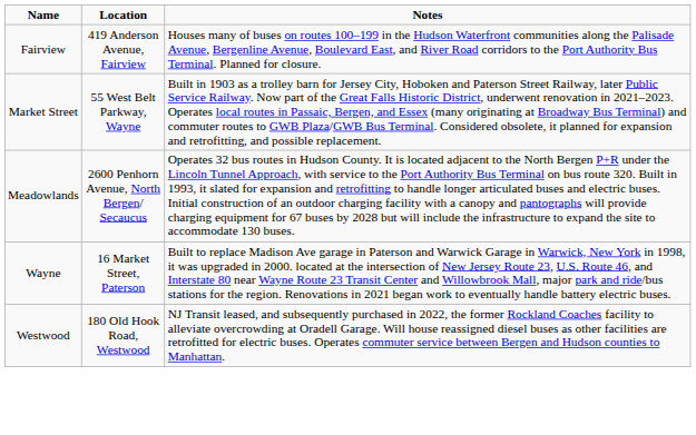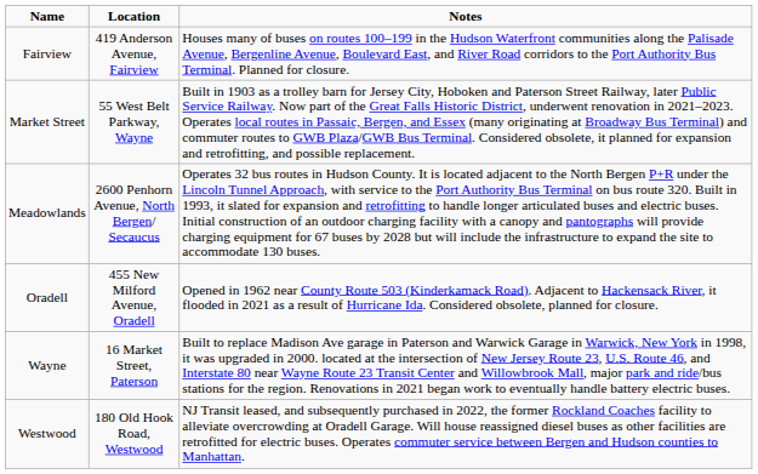 <table class="wikitable">
 <tr align="center">
 <td><strong>Name</strong></td>
 <td><strong>Location</strong></td>
 <td><strong>Notes</strong></td>
 </tr>
 <tr align="center">
 <td>Fairview</td>
 <td>419 Anderson Avenue, <a href='#'>Fairview</a><br></td>
 <td align=left>Houses many of buses <a href='#'>on routes 100–199</a> in the <a href='#'>Hudson Waterfront</a> communities along the <a href='#'>Palisade Avenue</a>, <a href='#'>Bergenline Avenue</a>, <a href='#'>Boulevard East</a>, and <a href='#'>River Road</a> corridors to the <a href='#'>Port Authority Bus Terminal</a>. Planned for closure.</td>
 </tr>
 <tr align="center">
 <td>Market Street</td>
 <td>55 West Belt Parkway, <a href='#'>Wayne</a><br></td>
 <td align=left>Built in 1903 as a trolley barn for Jersey City, Hoboken and Paterson Street Railway, later <a href='#'>Public Service Railway</a>. Now part of the <a href='#'>Great Falls Historic District</a>, underwent renovation in 2021–2023. Operates <a href='#'>local routes in Passaic, Bergen, and Essex</a> (many originating at <a href='#'>Broadway Bus Terminal</a>) and commuter routes to <a href='#'>GWB Plaza</a>/<a href='#'>GWB Bus Terminal</a>. Considered obsolete, it planned for expansion and retrofitting, and possible replacement.</td>
 </tr>
 <tr align="center">
 <td>Meadowlands</td>
 <td>2600 Penhorn Avenue, <a href='#'>North Bergen</a>/<br><a href='#'>Secaucus</a><br></td>
 <td align=left>Operates 32 bus routes in Hudson County. It is located adjacent to the North Bergen <a href='#'>P+R</a> under the <a href='#'>Lincoln Tunnel Approach</a>, with service to the <a href='#'>Port Authority Bus Terminal</a> on bus route 320. Built in 1993, it slated for expansion and <a href='#'>retrofitting</a> to handle longer articulated buses and electric buses. Initial construction of an outdoor charging facility with a canopy and <a href='#'>pantographs</a> will provide charging equipment for 67 buses by 2028 but will include the infrastructure to expand the site to accommodate 130 buses.</td>
 </tr>
 <tr align="center">
+<td>Oradell</td>
+<td>455 New Milford Avenue, <a href='#'>Oradell</a><br></td>
+<td align=left>Opened in 1962 near <a href='#'>County Route 503 (Kinderkamack Road)</a>. Adjacent to <a href='#'>Hackensack River</a>, it flooded in 2021 as a result of <a href='#'>Hurricane Ida</a>. Considered obsolete, planned for closure.</td>
+</tr>
+<tr align="center">
 <td>Wayne</td>
 <td>16 Market Street, <a href='#'>Paterson</a> <br></td>
 <td align=left>Built to replace Madison Ave garage in Paterson and Warwick Garage in <a href='#'>Warwick, New York</a> in 1998, it was upgraded in 2000. located at the intersection of <a href='#'>New Jersey Route 23</a>, <a href='#'>U.S. Route 46</a>, and <a href='#'>Interstate 80</a> near <a href='#'>Wayne Route 23 Transit Center</a> and  <a href='#'>Willowbrook Mall</a>, major <a href='#'>park and ride</a>/bus stations for the region. Renovations in 2021 began work to eventually handle battery electric buses.</td>
 </tr>
 <tr align="center">
 <td>Westwood</td>
 <td>180 Old Hook Road, <a href='#'>Westwood</a> <br></td>
 <td align=left>NJ Transit leased, and subsequently purchased in 2022, the former <a href='#'>Rockland Coaches</a> facility to alleviate overcrowding at Oradell Garage. Will house reassigned diesel buses as other facilities are retrofitted for electric buses. Operates <a href='#'>commuter service between Bergen and Hudson counties to Manhattan</a>.</td>
 </tr>
 </table>
